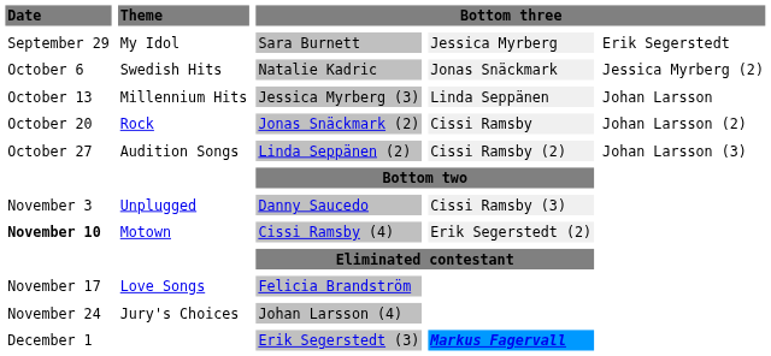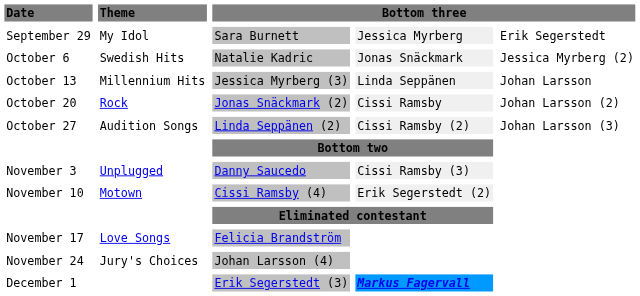 <table cellpadding=2 cellspacing=6>
 <tr bgcolor=#808080>
 <td><strong>Date</strong></td>
 <td><strong>Theme</strong></td>
 <td colspan="4" align="center"><strong>Bottom three</strong></td>
 </tr>
 <tr>
 <td>September 29</td>
 <td>My Idol</td>
 <td bgcolor="#C0C0C0">Sara Burnett</td>
 <td bgcolor="#F0F0F0">Jessica Myrberg</td>
 <td>Erik Segerstedt</td>
 </tr>
 <tr>
 <td>October 6</td>
 <td>Swedish Hits</td>
 <td bgcolor="#C0C0C0">Natalie Kadric</td>
 <td bgcolor="#F0F0F0">Jonas Snäckmark</td>
 <td>Jessica Myrberg (2)</td>
 </tr>
 <tr>
 <td>October 13</td>
 <td>Millennium Hits</td>
 <td bgcolor="#C0C0C0">Jessica Myrberg (3)</td>
 <td bgcolor="#F0F0F0">Linda Seppänen</td>
 <td>Johan Larsson</td>
 </tr>
 <tr>
 <td>October 20</td>
 <td><a href='#'>Rock</a></td>
 <td bgcolor="#C0C0C0"><a href='#'>Jonas Snäckmark</a> (2)</td>
 <td bgcolor="#F0F0F0">Cissi Ramsby</td>
 <td>Johan Larsson (2)</td>
 </tr>
 <tr>
 <td>October 27</td>
 <td>Audition Songs</td>
 <td bgcolor="#C0C0C0"><a href='#'>Linda Seppänen</a> (2)</td>
 <td bgcolor="#F0F0F0">Cissi Ramsby (2)</td>
 <td>Johan Larsson (3)</td>
 </tr>
 <tr>
 <td></td>
 <td></td>
 <td bgcolor=#808080 colspan="2" align="center"><strong>Bottom two</strong></td>
 </tr>
 <tr>
 <td>November 3</td>
 <td><a href='#'>Unplugged</a></td>
 <td bgcolor="#C0C0C0"><a href='#'>Danny Saucedo</a></td>
 <td bgcolor="#F0F0F0">Cissi Ramsby (3)</td>
 </tr>
 <tr>
-<td><strong>November 10</strong></td>
+<td>November 10</td>
 <td><a href='#'>Motown</a></td>
 <td bgcolor="#C0C0C0"><a href='#'>Cissi Ramsby</a> (4)</td>
 <td bgcolor="#F0F0F0">Erik Segerstedt (2)</td>
 </tr>
 <tr>
 <td></td>
 <td></td>
 <td bgcolor=#808080 colspan="2" align="center"><strong>Eliminated contestant</strong></td>
 </tr>
 <tr>
 <td>November 17</td>
 <td><a href='#'>Love Songs</a></td>
 <td bgcolor="#C0C0C0"><a href='#'>Felicia Brandström</a></td>
 </tr>
 <tr>
 <td>November 24</td>
 <td>Jury's Choices</td>
 <td bgcolor="#C0C0C0">Johan Larsson (4)</td>
 </tr>
 <tr>
 <td>December 1</td>
 <td></td>
 <td bgcolor="#C0C0C0"><a href='#'>Erik Segerstedt</a> (3)</td>
 <td bgcolor="0099ff"><strong><em><a href='#'>Markus Fagervall</a></em></strong></td>
 </tr>
 </table>
